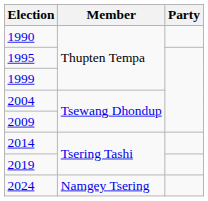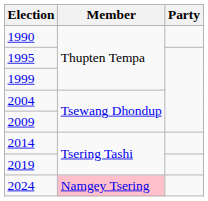 <table class="wikitable sortable">
 <tr>
 <th>Election</th>
 <th>Member</th>
 <th colspan=2>Party</th>
 </tr>
 <tr>
 <td><a href='#'>1990</a></td>
 <td rowspan=3>Thupten Tempa</td>
 <td></td>
 </tr>
 <tr>
 <td><a href='#'>1995</a></td>
 </tr>
 <tr>
 <td><a href='#'>1999</a></td>
 </tr>
 <tr>
 <td><a href='#'>2004</a></td>
 <td rowspan=2><a href='#'>Tsewang Dhondup</a></td>
 </tr>
 <tr>
 <td><a href='#'>2009</a></td>
 </tr>
 <tr>
 <td><a href='#'>2014</a></td>
 <td rowspan=2><a href='#'>Tsering Tashi</a></td>
 <td></td>
 </tr>
 <tr>
 <td><a href='#'>2019</a></td>
 <td></td>
 </tr>
 <tr>
 <td><a href='#'>2024</a></td>
-<td><a href='#'>Namgey Tsering</a></td>
+<td style="background: pink;"><a href='#'>Namgey Tsering</a></td>
 <td></td>
 </tr>
 </table>
